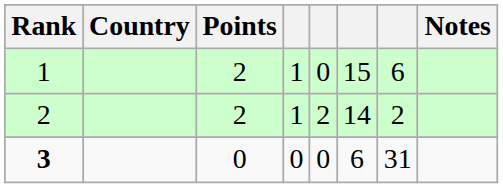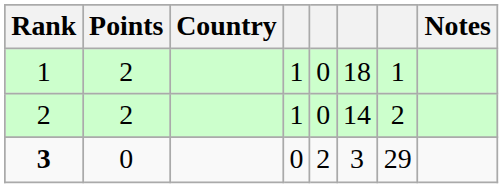 <table class="wikitable sortable" style="text-align: center;">
 <tr>
 <th>Rank</th>
+<th>Points</th>
 <th>Country</th>
-<th>Points</th>
 <th></th>
 <th></th>
 <th></th>
 <th></th>
 <th>Notes</th>
 </tr>
 <tr style="background:#cfc;">
 <td>1</td>
+<td>2</td>
 <td align=left></td>
-<td>2</td>
 <td>1</td>
 <td>0</td>
-<td>15</td>
-<td>6</td>
+<td>18</td>
+<td>1</td>
 <td></td>
 </tr>
 <tr style="background:#cfc;">
 <td>2</td>
+<td>2</td>
 <td align=left></td>
-<td>2</td>
 <td>1</td>
-<td>2</td>
+<td>0</td>
 <td>14</td>
 <td>2</td>
 <td></td>
 </tr>
 <tr>
 <td><strong>3</strong></td>
+<td>0</td>
 <td align=left></td>
 <td>0</td>
-<td>0</td>
-<td>0</td>
-<td>6</td>
-<td>31</td>
+<td>2</td>
+<td>3</td>
+<td>29</td>
 <td></td>
 </tr>
 </table>
